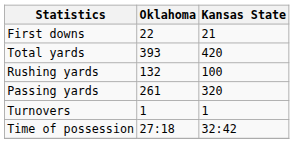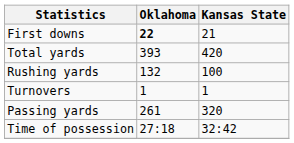 <table class="wikitable" style="float: left;">
 <tr>
 <th>Statistics</th>
 <th>Oklahoma</th>
 <th>Kansas State</th>
 </tr>
 <tr>
 <td>First downs</td>
-<td>22</td>
+<td><strong>22</strong></td>
 <td>21</td>
 </tr>
 <tr>
 <td>Total yards</td>
 <td>393</td>
 <td>420</td>
 </tr>
 <tr>
 <td>Rushing yards</td>
 <td>132</td>
 <td>100</td>
 </tr>
 <tr>
+<td>Turnovers</td>
+<td>1</td>
+<td>1</td>
+</tr>
+<tr>
 <td>Passing yards</td>
 <td>261</td>
 <td>320</td>
-</tr>
-<tr>
-<td>Turnovers</td>
-<td>1</td>
-<td>1</td>
 </tr>
 <tr>
 <td>Time of possession</td>
 <td>27:18</td>
 <td>32:42</td>
 </tr>
 <tr>
 </tr>
 </table>
